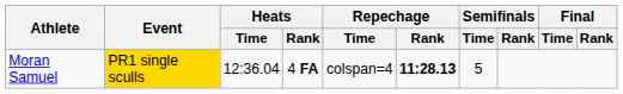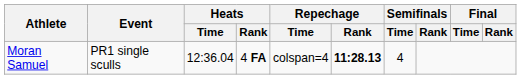 <table class="wikitable" style="font-size:90%">
 <tr>
 <th rowspan="2">Athlete</th>
 <th rowspan="2">Event</th>
 <th colspan="2">Heats</th>
 <th colspan="2">Repechage</th>
 <th colspan="2">Semifinals</th>
 <th colspan="2">Final</th>
 </tr>
 <tr style="font-size:95%">
 <th>Time</th>
 <th>Rank</th>
 <th>Time</th>
 <th>Rank</th>
 <th>Time</th>
 <th>Rank</th>
 <th>Time</th>
 <th>Rank</th>
 </tr>
 <tr align=center>
 <td align=left><a href='#'>Moran Samuel</a></td>
-<td align=left style="background: gold;">PR1 single sculls</td>
+<td align=left>PR1 single sculls</td>
 <td>12:36.04</td>
 <td>4 <strong>FA</strong></td>
 <td>colspan=4 </td>
 <td><strong>11:28.13</strong></td>
-<td>5</td>
+<td>4</td>
 </tr>
 </table>
